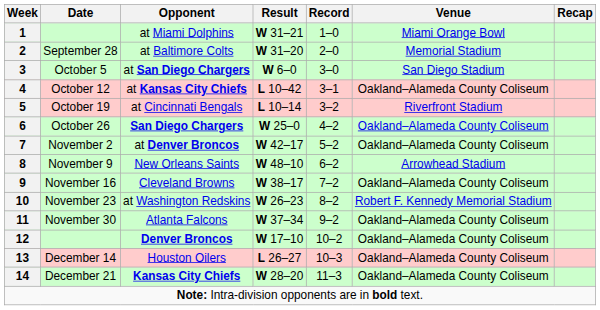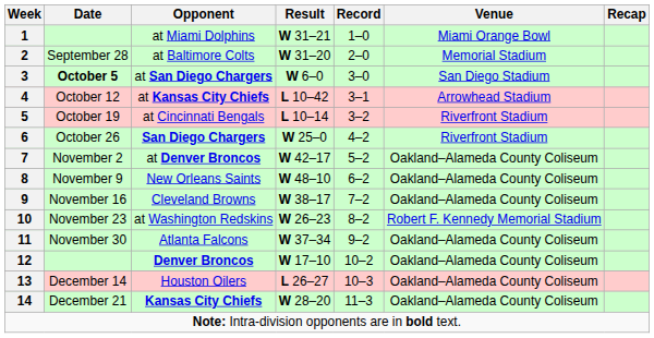 <table class="wikitable" style="text-align:center">
 <tr>
 <th>Week</th>
 <th>Date</th>
 <th>Opponent</th>
 <th>Result</th>
 <th>Record</th>
 <th>Venue</th>
 <th>Recap</th>
 </tr>
 <tr style="background:#cfc">
 <th>1</th>
 <td></td>
 <td>at <a href='#'>Miami Dolphins</a></td>
 <td><strong>W</strong> 31–21</td>
 <td>1–0</td>
 <td><a href='#'>Miami Orange Bowl</a></td>
 <td></td>
 </tr>
 <tr style="background:#cfc">
 <th>2</th>
 <td>September 28</td>
 <td>at <a href='#'>Baltimore Colts</a></td>
 <td><strong>W</strong> 31–20</td>
 <td>2–0</td>
 <td><a href='#'>Memorial Stadium</a></td>
 <td></td>
 </tr>
 <tr style="background:#cfc">
 <th>3</th>
-<td>October 5</td>
+<td><strong>October 5</strong></td>
 <td>at <strong><a href='#'>San Diego Chargers</a></strong></td>
 <td><strong>W</strong> 6–0</td>
 <td>3–0</td>
 <td><a href='#'>San Diego Stadium</a></td>
 <td></td>
 </tr>
 <tr style="background:#fcc">
 <th>4</th>
 <td>October 12</td>
 <td>at <strong><a href='#'>Kansas City Chiefs</a></strong></td>
 <td><strong>L</strong> 10–42</td>
 <td>3–1</td>
-<td>Oakland–Alameda County Coliseum</td>
+<td><a href='#'>Arrowhead Stadium</a></td>
 <td></td>
 </tr>
 <tr style="background:#fcc">
 <th>5</th>
 <td>October 19</td>
 <td>at <a href='#'>Cincinnati Bengals</a></td>
 <td><strong>L</strong> 10–14</td>
 <td>3–2</td>
 <td><a href='#'>Riverfront Stadium</a></td>
 <td></td>
 </tr>
 <tr style="background:#cfc">
 <th>6</th>
 <td>October 26</td>
 <td><strong><a href='#'>San Diego Chargers</a></strong></td>
 <td><strong>W</strong> 25–0</td>
 <td>4–2</td>
-<td><a href='#'>Oakland–Alameda County Coliseum</a></td>
+<td><a href='#'>Riverfront Stadium</a></td>
 <td></td>
 </tr>
 <tr style="background:#cfc">
 <th>7</th>
 <td>November 2</td>
 <td>at <strong><a href='#'>Denver Broncos</a></strong></td>
 <td><strong>W</strong> 42–17</td>
 <td>5–2</td>
 <td>Oakland–Alameda County Coliseum</td>
 <td></td>
 </tr>
 <tr style="background:#cfc">
 <th>8</th>
 <td>November  9</td>
 <td><a href='#'>New Orleans Saints</a></td>
 <td><strong>W</strong> 48–10</td>
 <td>6–2</td>
-<td><a href='#'>Arrowhead Stadium</a></td>
+<td>Oakland–Alameda County Coliseum</td>
 <td></td>
 </tr>
 <tr style="background:#cfc">
 <th>9</th>
 <td>November 16</td>
 <td><a href='#'>Cleveland Browns</a></td>
 <td><strong>W</strong> 38–17</td>
 <td>7–2</td>
 <td>Oakland–Alameda County Coliseum</td>
 <td></td>
 </tr>
 <tr style="background:#cfc">
 <th>10</th>
 <td>November 23</td>
 <td>at <a href='#'>Washington Redskins</a></td>
 <td><strong>W</strong> 26–23</td>
 <td>8–2</td>
 <td><a href='#'>Robert F. Kennedy Memorial Stadium</a></td>
 <td></td>
 </tr>
 <tr style="background:#cfc">
 <th>11</th>
 <td>November 30</td>
 <td><a href='#'>Atlanta Falcons</a></td>
 <td><strong>W</strong> 37–34</td>
 <td>9–2</td>
 <td>Oakland–Alameda County Coliseum</td>
 <td></td>
 </tr>
 <tr style="background:#cfc">
 <th>12</th>
 <td></td>
 <td><strong><a href='#'>Denver Broncos</a></strong></td>
 <td><strong>W</strong> 17–10</td>
 <td>10–2</td>
 <td>Oakland–Alameda County Coliseum</td>
 <td></td>
 </tr>
 <tr style="background:#fcc">
 <th>13</th>
 <td>December 14</td>
 <td><a href='#'>Houston Oilers</a></td>
 <td><strong>L</strong> 26–27</td>
 <td>10–3</td>
 <td>Oakland–Alameda County Coliseum</td>
 <td></td>
 </tr>
 <tr style="background:#cfc">
 <th>14</th>
 <td>December 21</td>
 <td><strong><a href='#'>Kansas City Chiefs</a></strong></td>
 <td><strong>W</strong> 28–20</td>
 <td>11–3</td>
 <td>Oakland–Alameda County Coliseum</td>
 <td></td>
 </tr>
 <tr>
 <td colspan="8"><strong>Note:</strong> Intra-division opponents are in <strong>bold</strong> text.</td>
 </tr>
 </table>
